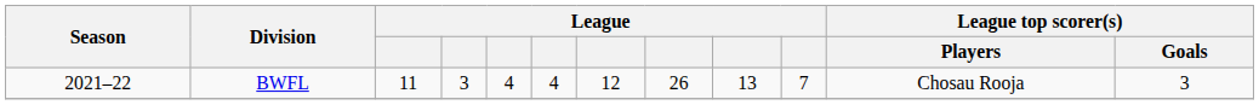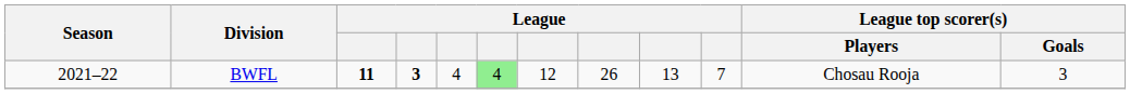 <table class="wikitable sortable" style="text-align: center; font-size: 95%; width: 1000px"">
 <tr>
 <th rowspan="2">Season</th>
 <th rowspan="2"><strong>Division</strong></th>
 <th colspan="8">League</th>
 <th colspan="2">League top scorer(s)</th>
 </tr>
 <tr>
 <th></th>
 <th></th>
 <th></th>
 <th></th>
 <th></th>
 <th></th>
 <th></th>
 <th></th>
 <th>Players</th>
 <th>Goals</th>
 </tr>
 <tr>
 <td>2021–22</td>
 <td><a href='#'>BWFL</a></td>
-<td>11</td>
-<td>3</td>
+<td><strong>11</strong></td>
+<td><strong>3</strong></td>
 <td>4</td>
-<td>4</td>
+<td style="background: lightgreen;">4</td>
 <td>12</td>
 <td>26</td>
 <td>13</td>
 <td>7</td>
 <td> Chosau Rooja</td>
 <td>3</td>
 </tr>
 <tr>
 </tr>
 </table>
